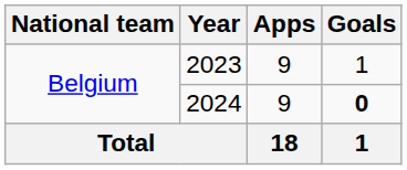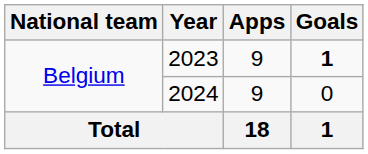 <table class=wikitable style=text-align:center>
 <tr>
 <th>National team</th>
 <th>Year</th>
 <th>Apps</th>
 <th>Goals</th>
 </tr>
 <tr>
 <td rowspan=2><a href='#'>Belgium</a></td>
 <td>2023</td>
 <td>9</td>
-<td>1</td>
+<td><strong>1</strong></td>
 </tr>
 <tr>
 <td>2024</td>
 <td>9</td>
-<td><strong>0</strong></td>
+<td>0</td>
 </tr>
 <tr>
 <th colspan=2>Total</th>
 <th>18</th>
 <th>1</th>
 </tr>
 </table>
